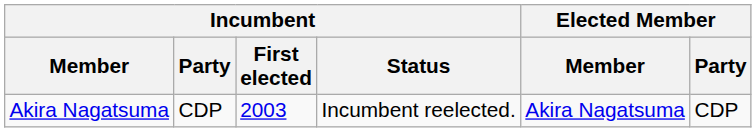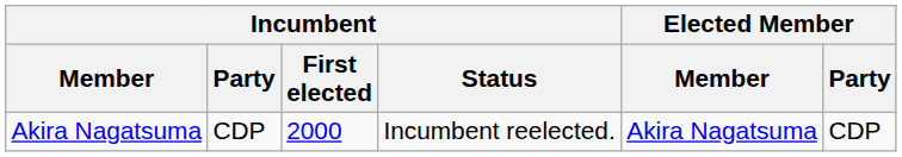 <table class="wikitable sortable">
 <tr>
 <th colspan=4>Incumbent</th>
 <th colspan=2>Elected Member</th>
 </tr>
 <tr>
 <th>Member</th>
 <th>Party</th>
 <th>First<br>elected</th>
 <th>Status</th>
 <th>Member</th>
 <th>Party</th>
 </tr>
 <tr>
 <td><a href='#'>Akira Nagatsuma</a></td>
 <td>CDP</td>
-<td><a href='#'>2003</a></td>
+<td><a href='#'>2000</a></td>
 <td>Incumbent reelected.</td>
 <td><a href='#'>Akira Nagatsuma</a></td>
 <td>CDP</td>
 </tr>
 </table>
